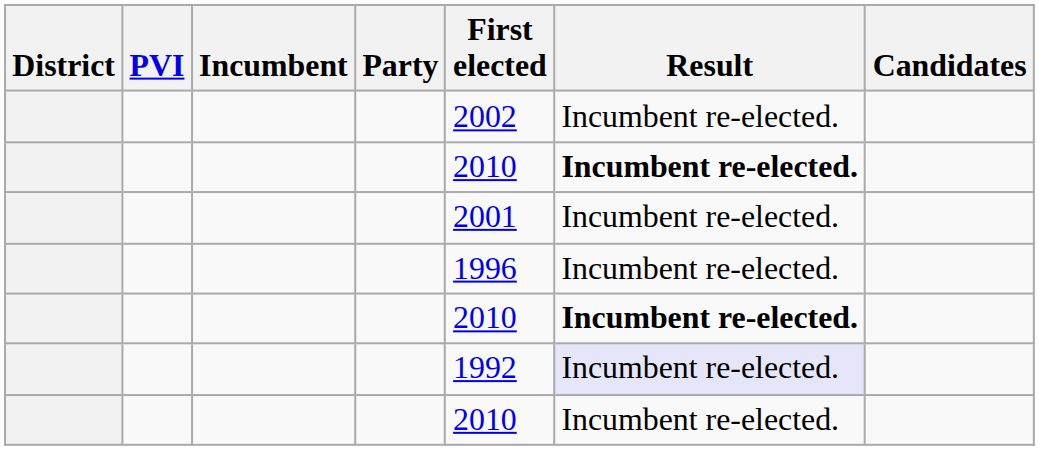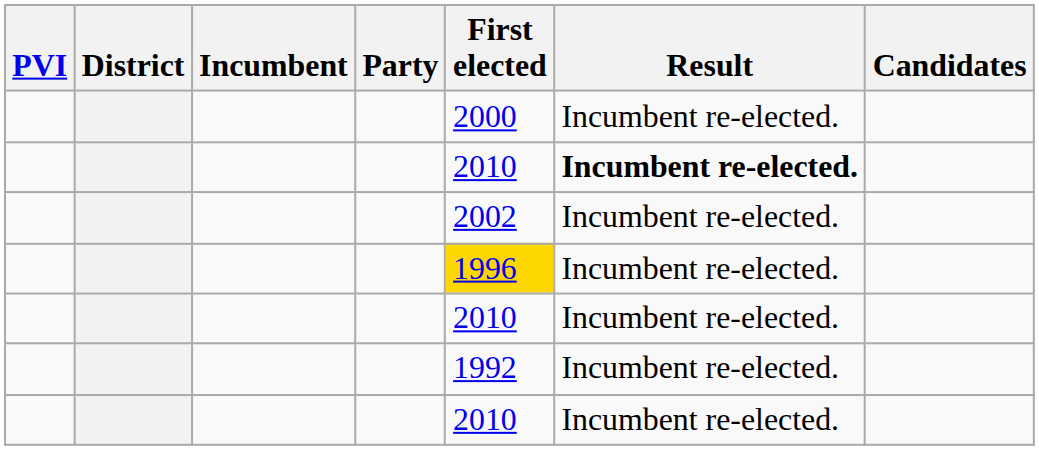 <table class="wikitable sortable">
 <tr valign=bottom>
+<th><a href='#'>PVI</a></th>
 <th>District</th>
-<th><a href='#'>PVI</a></th>
 <th>Incumbent</th>
 <th>Party</th>
 <th>First<br>elected</th>
 <th>Result</th>
 <th>Candidates</th>
 </tr>
 <tr>
+<td></td>
 <th></th>
 <td></td>
+<td></td>
+<td><a href='#'>2000</a></td>
+<td>Incumbent re-elected.</td>
+<td nowrap></td>
+</tr>
+<tr>
+<td></td>
+<th></th>
+<td></td>
+<td></td>
+<td><a href='#'>2010</a></td>
+<td><strong>Incumbent re-elected.</strong></td>
+<td nowrap></td>
+</tr>
+<tr>
+<td></td>
+<th></th>
 <td></td>
 <td></td>
 <td><a href='#'>2002</a></td>
 <td>Incumbent re-elected.</td>
 <td nowrap></td>
 </tr>
 <tr>
+<td></td>
 <th></th>
 <td></td>
 <td></td>
-<td></td>
-<td><a href='#'>2010</a></td>
-<td><strong>Incumbent re-elected.</strong></td>
-<td nowrap></td>
-</tr>
-<tr>
-<th></th>
-<td></td>
-<td></td>
-<td></td>
-<td><a href='#'>2001</a></td>
+<td style="background: gold;"><a href='#'>1996</a></td>
 <td>Incumbent re-elected.</td>
 <td nowrap></td>
 </tr>
 <tr>
+<td></td>
 <th></th>
 <td></td>
 <td></td>
-<td></td>
-<td><a href='#'>1996</a></td>
+<td><a href='#'>2010</a></td>
 <td>Incumbent re-elected.</td>
 <td nowrap></td>
 </tr>
 <tr>
+<td></td>
 <th></th>
 <td></td>
 <td></td>
-<td></td>
-<td><a href='#'>2010</a></td>
-<td><strong>Incumbent re-elected.</strong></td>
+<td><a href='#'>1992</a></td>
+<td>Incumbent re-elected.</td>
 <td nowrap></td>
 </tr>
 <tr>
+<td></td>
 <th></th>
-<td></td>
-<td></td>
-<td></td>
-<td><a href='#'>1992</a></td>
-<td style="background: lavender;">Incumbent re-elected.</td>
-<td nowrap></td>
-</tr>
-<tr>
-<th></th>
-<td></td>
 <td></td>
 <td></td>
 <td><a href='#'>2010</a></td>
 <td>Incumbent re-elected.</td>
 <td nowrap></td>
 </tr>
 </table>
